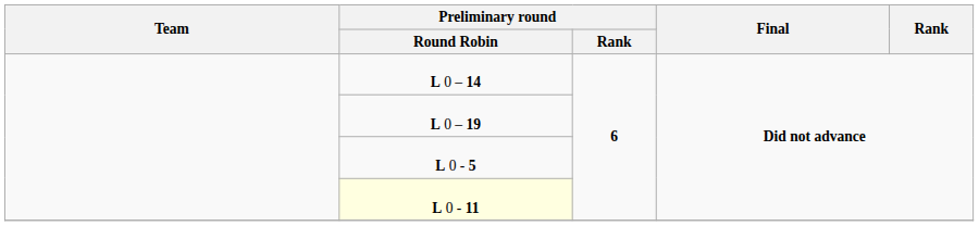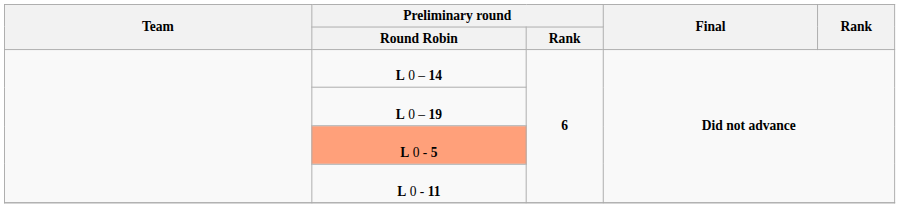 <table class="wikitable" width="75%" style="text-align:left; font-size:90%">
 <tr>
 <th rowspan="2" width="20%">Team</th>
 <th colspan="2">Preliminary round</th>
 <th rowspan="2" width="14%">Final</th>
 <th rowspan="2" width="5%">Rank</th>
 </tr>
 <tr>
 <th width="14%">Round Robin</th>
 <th width="5%">Rank</th>
 </tr>
 <tr>
 <td rowspan="4"></td>
 <td align=center><br><strong>L</strong> 0 – <strong>14</strong></td>
 <td rowspan=4 align=center><strong>6</strong></td>
 <td rowspan=4 align=center colspan=3><strong>Did not advance</strong></td>
 </tr>
 <tr>
 <td align=center><br><strong>L</strong> 0 – <strong>19</strong></td>
 </tr>
 <tr>
-<td align=center><br><strong>L</strong> 0 - <strong>5</strong></td>
+<td align=center style="background: lightsalmon;"><br><strong>L</strong> 0 - <strong>5</strong></td>
 </tr>
 <tr>
-<td align=center style="background: lightyellow;"><br><strong>L</strong> 0 - <strong>11</strong></td>
+<td align=center><br><strong>L</strong> 0 - <strong>11</strong></td>
 </tr>
 <tr>
 </tr>
 </table>
